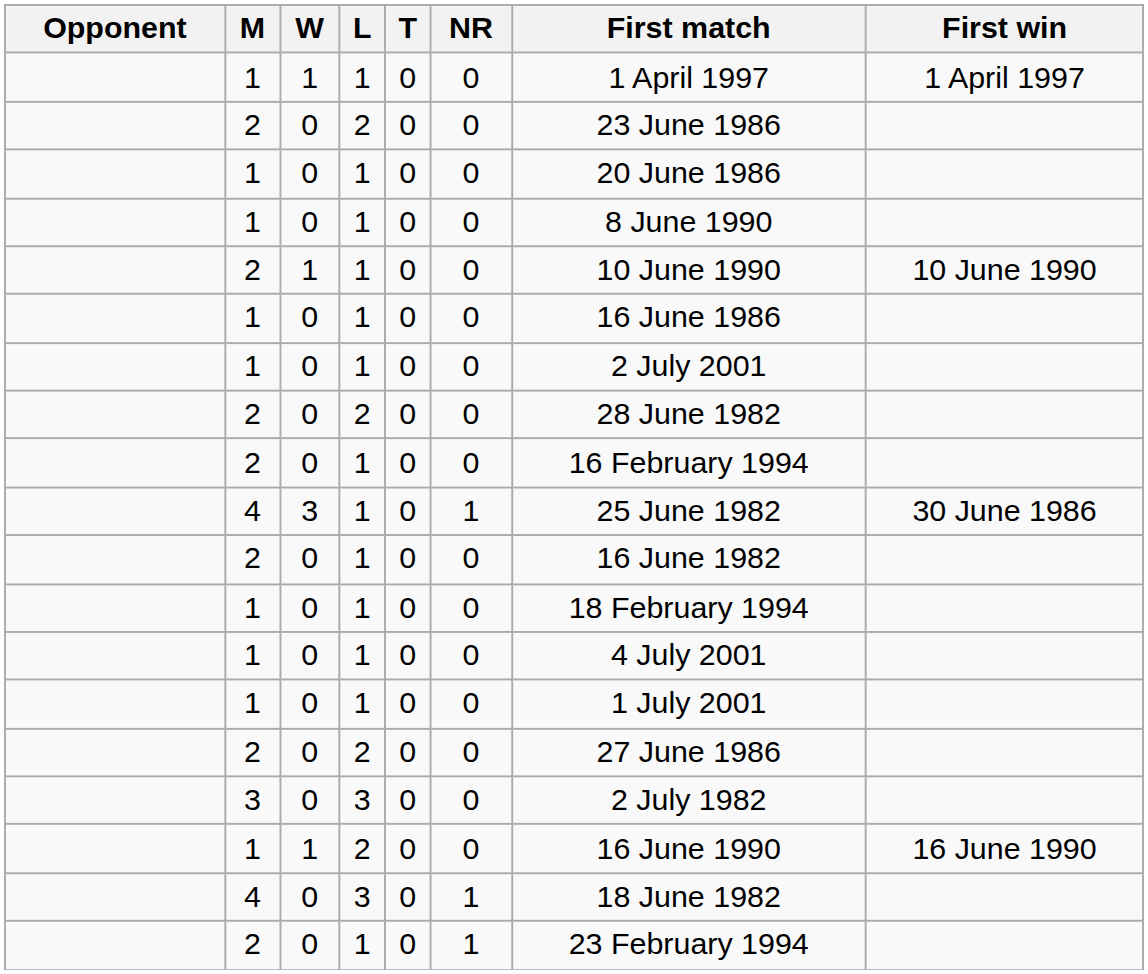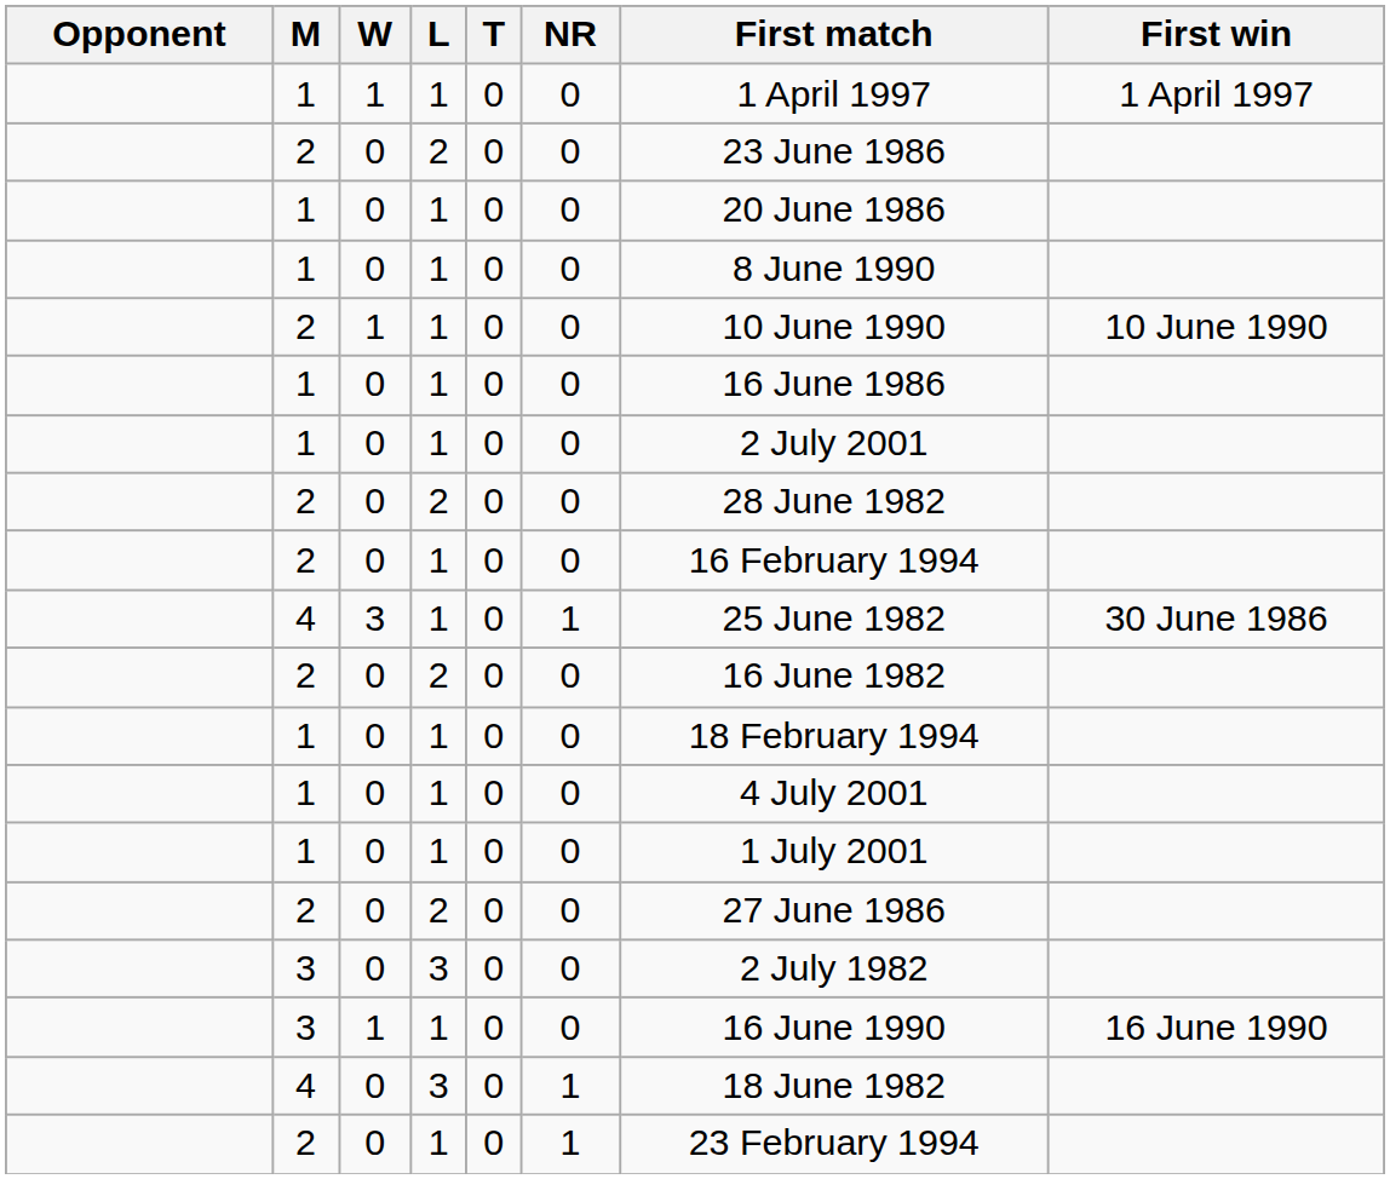 <table class="wikitable" style="text-align: center; width: 600px;">
 <tr>
 <th>Opponent</th>
 <th>M</th>
 <th>W</th>
 <th>L</th>
 <th>T</th>
 <th>NR</th>
 <th>First match</th>
 <th>First win</th>
 </tr>
 <tr>
 <td align=left></td>
 <td>1</td>
 <td>1</td>
 <td>1</td>
 <td>0</td>
 <td>0</td>
 <td>1 April 1997</td>
 <td>1 April 1997</td>
 </tr>
 <tr>
 <td align=left></td>
 <td>2</td>
 <td>0</td>
 <td>2</td>
 <td>0</td>
 <td>0</td>
 <td>23 June 1986</td>
 <td></td>
 </tr>
 <tr>
 <td align=left></td>
 <td>1</td>
 <td>0</td>
 <td>1</td>
 <td>0</td>
 <td>0</td>
 <td>20 June 1986</td>
 <td></td>
 </tr>
 <tr>
 <td align=left></td>
 <td>1</td>
 <td>0</td>
 <td>1</td>
 <td>0</td>
 <td>0</td>
 <td>8 June 1990</td>
 <td></td>
 </tr>
 <tr>
 <td align=left></td>
 <td>2</td>
 <td>1</td>
 <td>1</td>
 <td>0</td>
 <td>0</td>
 <td>10 June 1990</td>
 <td>10 June 1990</td>
 </tr>
 <tr>
 <td align=left></td>
 <td>1</td>
 <td>0</td>
 <td>1</td>
 <td>0</td>
 <td>0</td>
 <td>16 June 1986</td>
 <td></td>
 </tr>
 <tr>
 <td align=left></td>
 <td>1</td>
 <td>0</td>
 <td>1</td>
 <td>0</td>
 <td>0</td>
 <td>2 July 2001</td>
 <td></td>
 </tr>
 <tr>
 <td align=left></td>
 <td>2</td>
 <td>0</td>
 <td>2</td>
 <td>0</td>
 <td>0</td>
 <td>28 June 1982</td>
 <td></td>
 </tr>
 <tr>
 <td align=left></td>
 <td>2</td>
 <td>0</td>
 <td>1</td>
 <td>0</td>
 <td>0</td>
 <td>16 February 1994</td>
 <td></td>
 </tr>
 <tr>
 <td align=left></td>
 <td>4</td>
 <td>3</td>
 <td>1</td>
 <td>0</td>
 <td>1</td>
 <td>25 June 1982</td>
 <td>30 June 1986</td>
 </tr>
 <tr>
 <td align=left></td>
 <td>2</td>
 <td>0</td>
-<td>1</td>
+<td>2</td>
 <td>0</td>
 <td>0</td>
 <td>16 June 1982</td>
 <td></td>
 </tr>
 <tr>
 <td align=left></td>
 <td>1</td>
 <td>0</td>
 <td>1</td>
 <td>0</td>
 <td>0</td>
 <td>18 February 1994</td>
 <td></td>
 </tr>
 <tr>
 <td align=left></td>
 <td>1</td>
 <td>0</td>
 <td>1</td>
 <td>0</td>
 <td>0</td>
 <td>4 July 2001</td>
 <td></td>
 </tr>
 <tr>
 <td align=left></td>
 <td>1</td>
 <td>0</td>
 <td>1</td>
 <td>0</td>
 <td>0</td>
 <td>1 July 2001</td>
 <td></td>
 </tr>
 <tr>
 <td align=left></td>
 <td>2</td>
 <td>0</td>
 <td>2</td>
 <td>0</td>
 <td>0</td>
 <td>27 June 1986</td>
 <td></td>
 </tr>
 <tr>
 <td align=left></td>
 <td>3</td>
 <td>0</td>
 <td>3</td>
 <td>0</td>
 <td>0</td>
 <td>2 July 1982</td>
 <td></td>
 </tr>
 <tr>
 <td align=left></td>
+<td>3</td>
 <td>1</td>
 <td>1</td>
-<td>2</td>
 <td>0</td>
 <td>0</td>
 <td>16 June 1990</td>
 <td>16 June 1990</td>
 </tr>
 <tr>
 <td align=left></td>
 <td>4</td>
 <td>0</td>
 <td>3</td>
 <td>0</td>
 <td>1</td>
 <td>18 June 1982</td>
 <td></td>
 </tr>
 <tr>
 <td align=left></td>
 <td>2</td>
 <td>0</td>
 <td>1</td>
 <td>0</td>
 <td>1</td>
 <td>23 February 1994</td>
 <td></td>
 </tr>
 </table>
